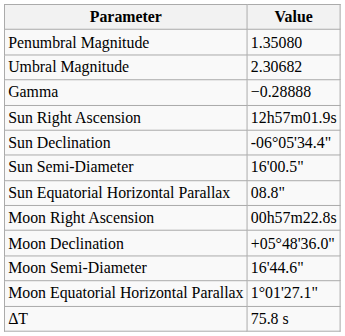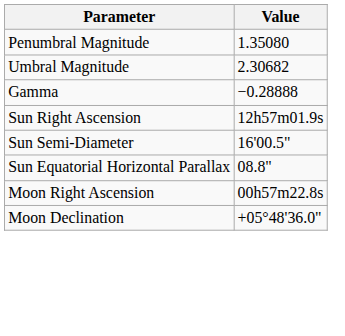 <table class="wikitable">
 <tr>
 <th>Parameter</th>
 <th>Value</th>
 </tr>
 <tr>
 <td>Penumbral Magnitude</td>
 <td>1.35080</td>
 </tr>
 <tr>
 <td>Umbral Magnitude</td>
 <td>2.30682</td>
 </tr>
 <tr>
 <td>Gamma</td>
 <td>−0.28888</td>
 </tr>
 <tr>
 <td>Sun Right Ascension</td>
 <td>12h57m01.9s</td>
 </tr>
 <tr>
-<td>Sun Declination</td>
-<td>-06°05'34.4"</td>
-</tr>
-<tr>
 <td>Sun Semi-Diameter</td>
 <td>16'00.5"</td>
 </tr>
 <tr>
 <td>Sun Equatorial Horizontal Parallax</td>
 <td>08.8"</td>
 </tr>
 <tr>
 <td>Moon Right Ascension</td>
 <td>00h57m22.8s</td>
 </tr>
 <tr>
 <td>Moon Declination</td>
 <td>+05°48'36.0"</td>
 </tr>
-<tr>
-<td>Moon Semi-Diameter</td>
-<td>16'44.6"</td>
-</tr>
-<tr>
-<td>Moon Equatorial Horizontal Parallax</td>
-<td>1°01'27.1"</td>
-</tr>
-<tr>
-<td>ΔT</td>
-<td>75.8 s</td>
-</tr>
 </table>
